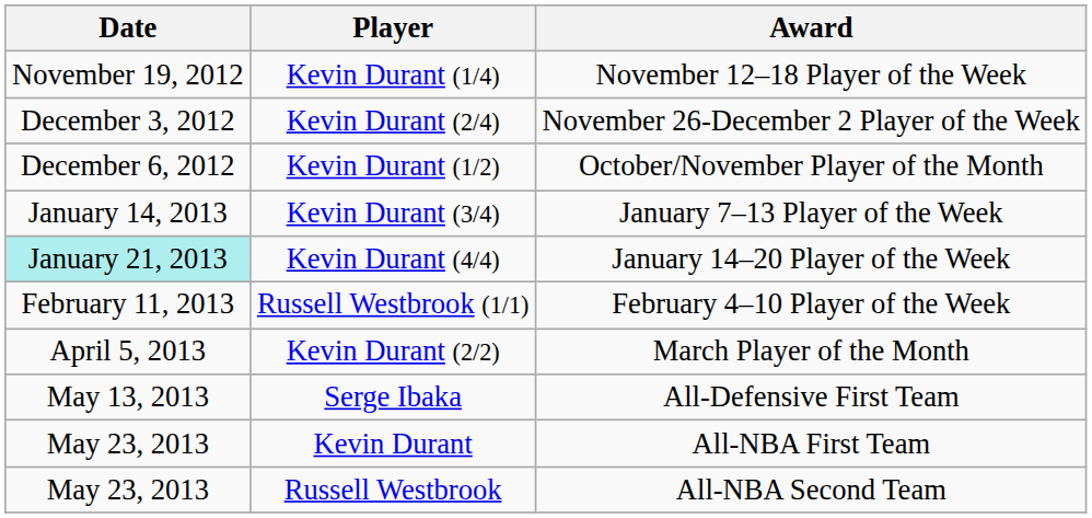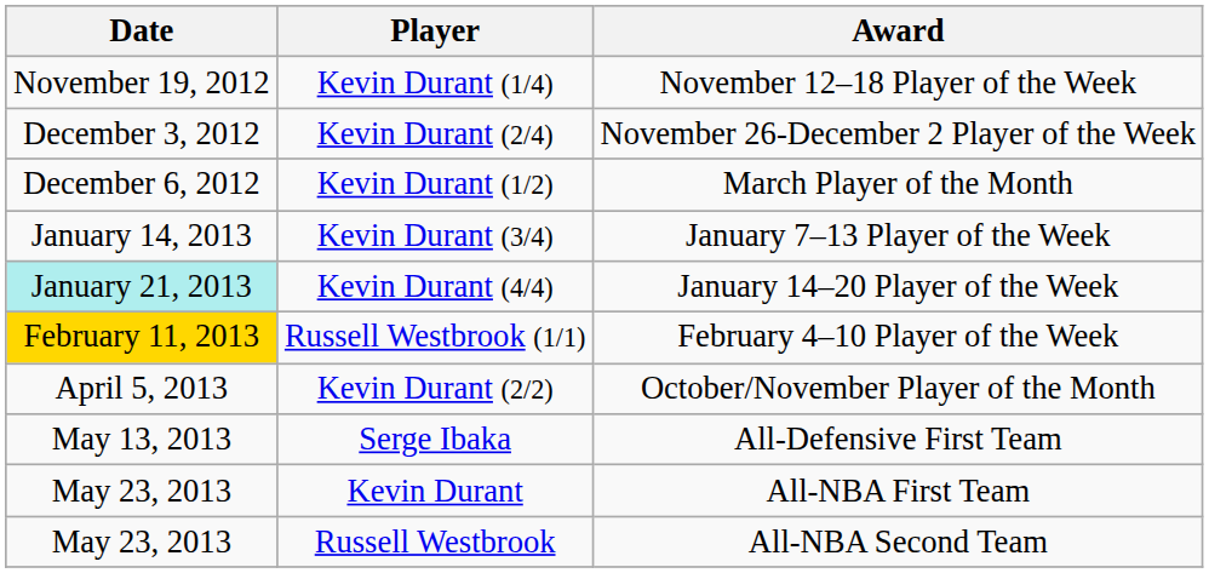 <table class="wikitable sortable sortable" style="text-align: center">
 <tr>
 <th>Date</th>
 <th>Player</th>
 <th>Award</th>
 </tr>
 <tr style="text-align: center">
 <td>November 19, 2012</td>
 <td><a href='#'>Kevin Durant</a> <small>(1/4)</small></td>
 <td>November 12–18 Player of the Week</td>
 </tr>
 <tr style="text-align: center">
 <td>December 3, 2012</td>
 <td><a href='#'>Kevin Durant</a> <small>(2/4)</small></td>
 <td>November 26-December 2 Player of the Week</td>
 </tr>
 <tr style="text-align: center">
 <td>December 6, 2012</td>
 <td><a href='#'>Kevin Durant</a> <small>(1/2)</small></td>
-<td>October/November Player of the Month</td>
+<td>March Player of the Month</td>
 </tr>
 <tr style="text-align: center">
 <td>January 14, 2013</td>
 <td><a href='#'>Kevin Durant</a> <small>(3/4)</small></td>
 <td>January 7–13 Player of the Week</td>
 </tr>
 <tr style="text-align: center">
 <td style="background: paleturquoise;">January 21, 2013</td>
 <td><a href='#'>Kevin Durant</a> <small>(4/4)</small></td>
 <td>January 14–20 Player of the Week</td>
 </tr>
 <tr style="text-align: center">
-<td>February 11, 2013</td>
+<td style="background: gold;">February 11, 2013</td>
 <td><a href='#'>Russell Westbrook</a> <small>(1/1)</small></td>
 <td>February 4–10 Player of the Week</td>
 </tr>
 <tr style="text-align: center">
 <td>April 5, 2013</td>
 <td><a href='#'>Kevin Durant</a> <small>(2/2)</small></td>
-<td>March Player of the Month</td>
+<td>October/November Player of the Month</td>
 </tr>
 <tr style="text-align: center">
 <td>May 13, 2013</td>
 <td><a href='#'>Serge Ibaka</a></td>
 <td>All-Defensive First Team</td>
 </tr>
 <tr style="text-align: center">
 <td>May 23, 2013</td>
 <td><a href='#'>Kevin Durant</a></td>
 <td>All-NBA First Team</td>
 </tr>
 <tr style="text-align: center">
 <td>May 23, 2013</td>
 <td><a href='#'>Russell Westbrook</a></td>
 <td>All-NBA Second Team</td>
 </tr>
 </table>
